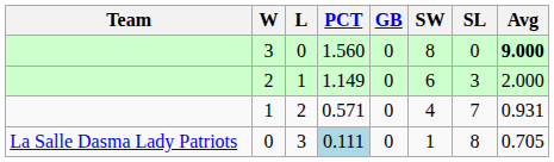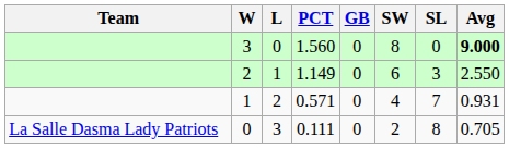 <table class=wikitable style="text-align:center;">
 <tr>
 <th width=200px>Team</th>
 <th width=20px>W</th>
 <th width=20px>L</th>
 <th width=35px><a href='#'>PCT</a></th>
 <th width=25px><a href='#'>GB</a></th>
 <th width=30px>SW</th>
 <th width=30px>SL</th>
 <th width=35px>Avg</th>
 </tr>
 <tr style="background:#CCFFCC;">
 <td align=left></td>
 <td>3</td>
 <td>0</td>
 <td>1.560</td>
 <td>0</td>
 <td>8</td>
 <td>0</td>
 <td><strong>9.000</strong></td>
 </tr>
 <tr style="background:#CCFFCC;">
 <td align=left></td>
 <td>2</td>
 <td>1</td>
 <td>1.149</td>
 <td>0</td>
 <td>6</td>
 <td>3</td>
-<td>2.000</td>
+<td>2.550</td>
 </tr>
 <tr>
 <td align=left></td>
 <td>1</td>
 <td>2</td>
 <td>0.571</td>
 <td>0</td>
 <td>4</td>
 <td>7</td>
 <td>0.931</td>
 </tr>
 <tr>
 <td align=left> <a href='#'>La Salle Dasma Lady Patriots</a></td>
 <td>0</td>
 <td>3</td>
-<td style="background: lightblue;">0.111</td>
+<td>0.111</td>
 <td>0</td>
-<td>1</td>
+<td>2</td>
 <td>8</td>
 <td>0.705</td>
 </tr>
 <tr>
 </tr>
 </table>
